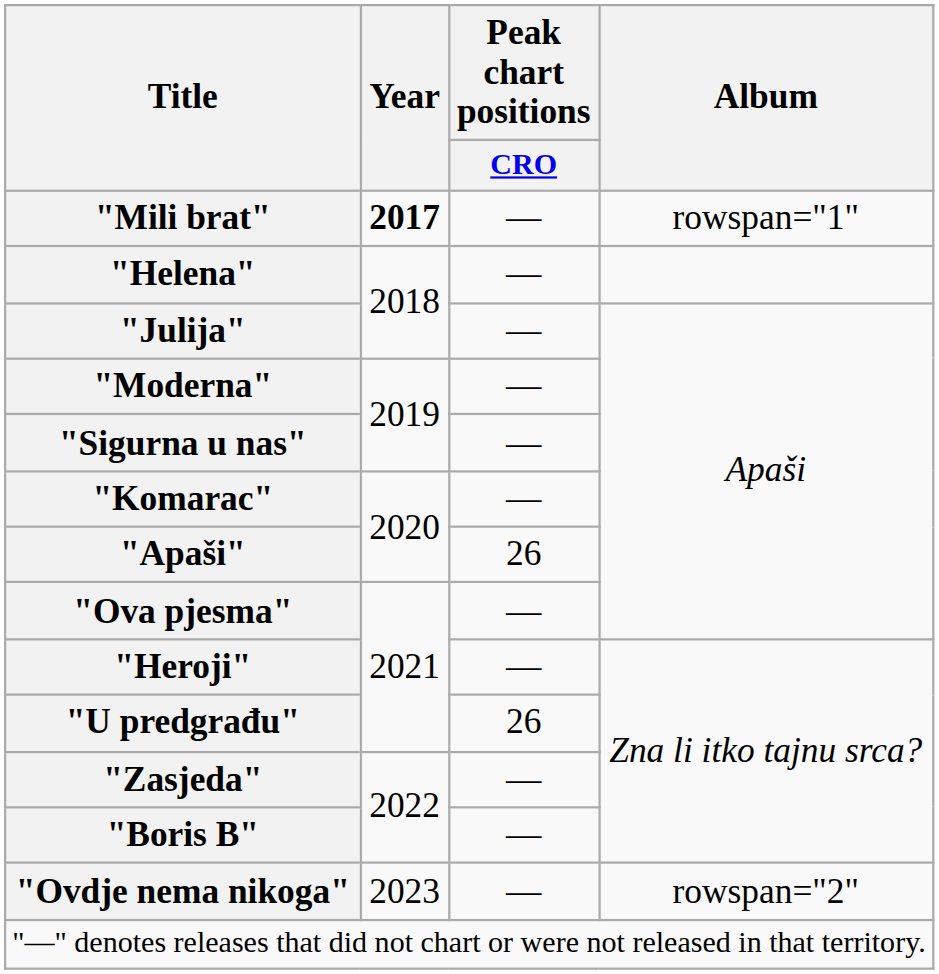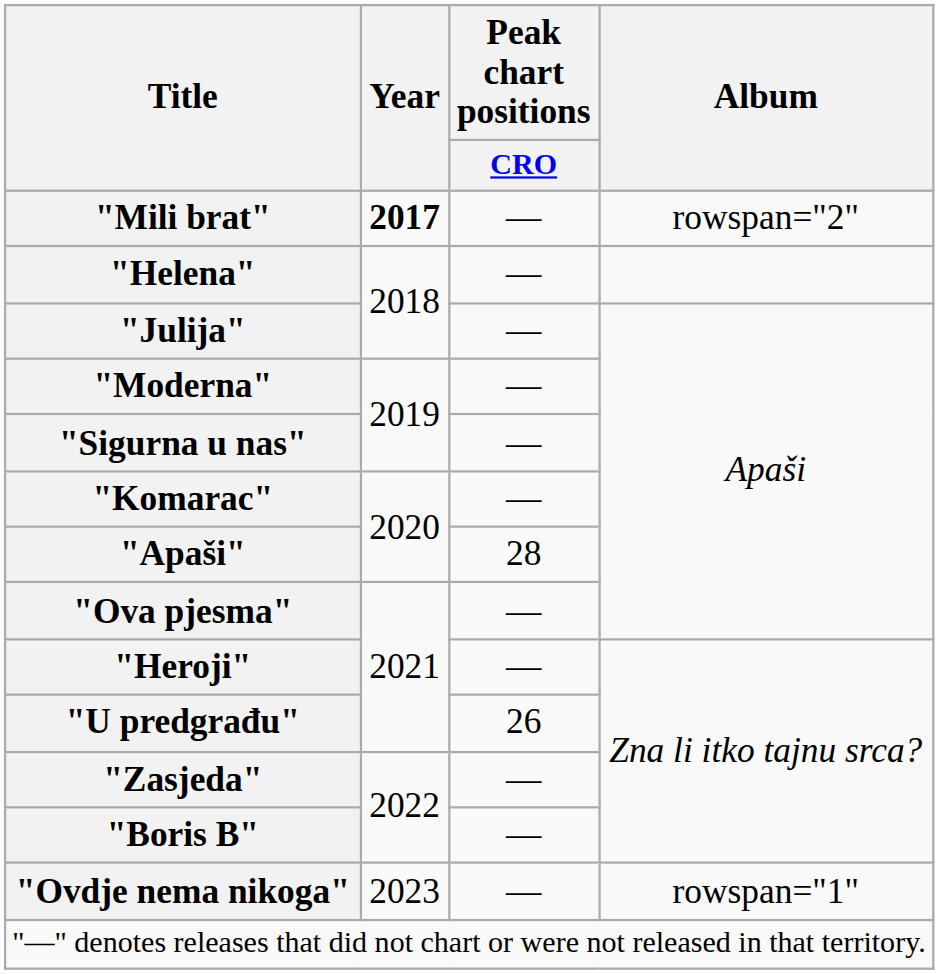 <table class="wikitable plainrowheaders" style="text-align:center;">
 <tr>
 <th scope="col" rowspan="2">Title</th>
 <th scope="col" rowspan="2">Year</th>
 <th scope="col" colspan="1">Peak chart positions</th>
 <th scope="col" rowspan="2">Album</th>
 </tr>
 <tr>
 <th scope="col" style="width:3em; font-size:85%;"><a href='#'>CRO</a><br></th>
 </tr>
 <tr>
 <th scope="row">"Mili brat"</th>
 <td><strong>2017</strong></td>
 <td>—</td>
-<td>rowspan="1" </td>
+<td>rowspan="2" </td>
 </tr>
 <tr>
 <th scope="row">"Helena"</th>
 <td rowspan="2">2018</td>
 <td>—</td>
 </tr>
 <tr>
 <th scope="row">"Julija"</th>
 <td>—</td>
 <td rowspan="6"><em>Apaši</em></td>
 </tr>
 <tr>
 <th scope="row">"Moderna"</th>
 <td rowspan="2">2019</td>
 <td>—</td>
 </tr>
 <tr>
 <th scope="row">"Sigurna u nas"</th>
 <td>—</td>
 </tr>
 <tr>
 <th scope="row">"Komarac"</th>
 <td rowspan="2">2020</td>
 <td>—</td>
 </tr>
 <tr>
 <th scope="row">"Apaši"</th>
-<td>26</td>
+<td>28</td>
 </tr>
 <tr>
 <th scope="row">"Ova pjesma"</th>
 <td rowspan="3">2021</td>
 <td>—</td>
 </tr>
 <tr>
 <th scope="row">"Heroji"</th>
 <td>—</td>
 <td rowspan="4"><em>Zna li itko tajnu srca?</em></td>
 </tr>
 <tr>
 <th scope="row">"U predgrađu"</th>
 <td>26</td>
 </tr>
 <tr>
 <th scope="row">"Zasjeda"</th>
 <td rowspan="2">2022</td>
 <td>—</td>
 </tr>
 <tr>
 <th scope="row">"Boris B"</th>
 <td>—</td>
 </tr>
 <tr>
 <th scope="row">"Ovdje nema nikoga"</th>
 <td>2023</td>
 <td>—</td>
-<td>rowspan="2" </td>
+<td>rowspan="1" </td>
 </tr>
 <tr>
 <td colspan="22" style="text-align:center; font-size:85%;">"—" denotes releases that did not chart or were not released in that territory.</td>
 </tr>
 </table>
